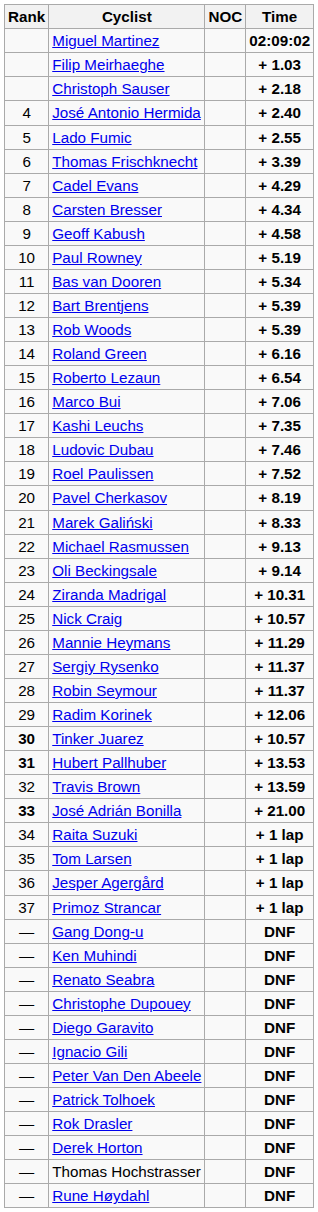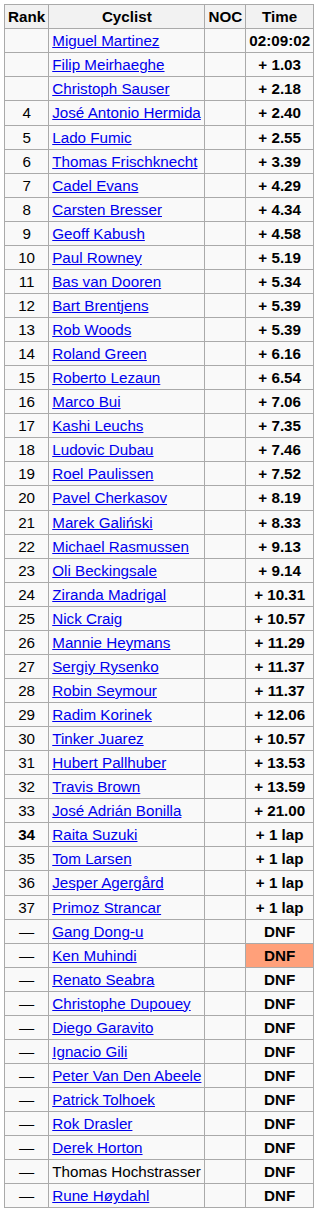 <table class="wikitable sortable" style="font-size:95%;">
 <tr>
 <th>Rank</th>
 <th align="left" "width: 20em">Cyclist</th>
 <th>NOC</th>
 <th>Time</th>
 </tr>
 <tr>
 <td align="center"></td>
 <td><a href='#'>Miguel Martinez</a></td>
 <td></td>
 <td align="center"><strong>02:09:02</strong></td>
 </tr>
 <tr>
 <td align="center"></td>
 <td><a href='#'>Filip Meirhaeghe</a></td>
 <td></td>
 <td align="center"><strong>+ 1.03</strong></td>
 </tr>
 <tr>
 <td align="center"></td>
 <td><a href='#'>Christoph Sauser</a></td>
 <td></td>
 <td align="center"><strong>+ 2.18</strong></td>
 </tr>
 <tr>
 <td align="center">4</td>
 <td><a href='#'>José Antonio Hermida</a></td>
 <td></td>
 <td align="center"><strong>+ 2.40</strong></td>
 </tr>
 <tr>
 <td align="center">5</td>
 <td><a href='#'>Lado Fumic</a></td>
 <td></td>
 <td align="center"><strong>+ 2.55</strong></td>
 </tr>
 <tr>
 <td align="center">6</td>
 <td><a href='#'>Thomas Frischknecht</a></td>
 <td></td>
 <td align="center"><strong>+ 3.39</strong></td>
 </tr>
 <tr>
 <td align="center">7</td>
 <td><a href='#'>Cadel Evans</a></td>
 <td></td>
 <td align="center"><strong>+ 4.29</strong></td>
 </tr>
 <tr>
 <td align="center">8</td>
 <td><a href='#'>Carsten Bresser</a></td>
 <td></td>
 <td align="center"><strong>+ 4.34</strong></td>
 </tr>
 <tr>
 <td align="center">9</td>
 <td><a href='#'>Geoff Kabush</a></td>
 <td></td>
 <td align="center"><strong>+ 4.58</strong></td>
 </tr>
 <tr>
 <td align="center">10</td>
 <td><a href='#'>Paul Rowney</a></td>
 <td></td>
 <td align="center"><strong>+ 5.19</strong></td>
 </tr>
 <tr>
 <td align="center">11</td>
 <td><a href='#'>Bas van Dooren</a></td>
 <td></td>
 <td align="center"><strong>+ 5.34</strong></td>
 </tr>
 <tr>
 <td align="center">12</td>
 <td><a href='#'>Bart Brentjens</a></td>
 <td></td>
 <td align="center"><strong>+ 5.39</strong></td>
 </tr>
 <tr>
 <td align="center">13</td>
 <td><a href='#'>Rob Woods</a></td>
 <td></td>
 <td align="center"><strong>+ 5.39</strong></td>
 </tr>
 <tr>
 <td align="center">14</td>
 <td><a href='#'>Roland Green</a></td>
 <td></td>
 <td align="center"><strong>+ 6.16</strong></td>
 </tr>
 <tr>
 <td align="center">15</td>
 <td><a href='#'>Roberto Lezaun</a></td>
 <td></td>
 <td align="center"><strong>+ 6.54</strong></td>
 </tr>
 <tr>
 <td align="center">16</td>
 <td><a href='#'>Marco Bui</a></td>
 <td></td>
 <td align="center"><strong>+ 7.06</strong></td>
 </tr>
 <tr>
 <td align="center">17</td>
 <td><a href='#'>Kashi Leuchs</a></td>
 <td></td>
 <td align="center"><strong>+ 7.35</strong></td>
 </tr>
 <tr>
 <td align="center">18</td>
 <td><a href='#'>Ludovic Dubau</a></td>
 <td></td>
 <td align="center"><strong>+ 7.46</strong></td>
 </tr>
 <tr>
 <td align="center">19</td>
 <td><a href='#'>Roel Paulissen</a></td>
 <td></td>
 <td align="center"><strong>+ 7.52</strong></td>
 </tr>
 <tr>
 <td align="center">20</td>
 <td><a href='#'>Pavel Cherkasov</a></td>
 <td></td>
 <td align="center"><strong>+ 8.19</strong></td>
 </tr>
 <tr>
 <td align="center">21</td>
 <td><a href='#'>Marek Galiński</a></td>
 <td></td>
 <td align="center"><strong>+ 8.33</strong></td>
 </tr>
 <tr>
 <td align="center">22</td>
 <td><a href='#'>Michael Rasmussen</a></td>
 <td></td>
 <td align="center"><strong>+ 9.13</strong></td>
 </tr>
 <tr>
 <td align="center">23</td>
 <td><a href='#'>Oli Beckingsale</a></td>
 <td></td>
 <td align="center"><strong>+ 9.14</strong></td>
 </tr>
 <tr>
 <td align="center">24</td>
 <td><a href='#'>Ziranda Madrigal</a></td>
 <td></td>
 <td align="center"><strong>+ 10.31</strong></td>
 </tr>
 <tr>
 <td align="center">25</td>
 <td><a href='#'>Nick Craig</a></td>
 <td></td>
 <td align="center"><strong>+ 10.57</strong></td>
 </tr>
 <tr>
 <td align="center">26</td>
 <td><a href='#'>Mannie Heymans</a></td>
 <td></td>
 <td align="center"><strong>+ 11.29</strong></td>
 </tr>
 <tr>
 <td align="center">27</td>
 <td><a href='#'>Sergiy Rysenko</a></td>
 <td></td>
 <td align="center"><strong>+ 11.37</strong></td>
 </tr>
 <tr>
 <td align="center">28</td>
 <td><a href='#'>Robin Seymour</a></td>
 <td></td>
 <td align="center"><strong>+ 11.37</strong></td>
 </tr>
 <tr>
 <td align="center">29</td>
 <td><a href='#'>Radim Korinek</a></td>
 <td></td>
 <td align="center"><strong>+ 12.06</strong></td>
 </tr>
 <tr>
-<td align="center"><strong>30</strong></td>
+<td align="center">30</td>
 <td><a href='#'>Tinker Juarez</a></td>
 <td></td>
 <td align="center"><strong>+ 10.57</strong></td>
 </tr>
 <tr>
-<td align="center"><strong>31</strong></td>
+<td align="center">31</td>
 <td><a href='#'>Hubert Pallhuber</a></td>
 <td></td>
 <td align="center"><strong>+ 13.53</strong></td>
 </tr>
 <tr>
 <td align="center">32</td>
 <td><a href='#'>Travis Brown</a></td>
 <td></td>
 <td align="center"><strong>+ 13.59</strong></td>
 </tr>
 <tr>
-<td align="center"><strong>33</strong></td>
+<td align="center">33</td>
 <td><a href='#'>José Adrián Bonilla</a></td>
 <td></td>
 <td align="center"><strong>+ 21.00</strong></td>
 </tr>
 <tr>
-<td align="center">34</td>
+<td align="center"><strong>34</strong></td>
 <td><a href='#'>Raita Suzuki</a></td>
 <td></td>
 <td align="center"><strong>+ 1 lap</strong></td>
 </tr>
 <tr>
 <td align="center">35</td>
 <td><a href='#'>Tom Larsen</a></td>
 <td></td>
 <td align="center"><strong>+ 1 lap</strong></td>
 </tr>
 <tr>
 <td align="center">36</td>
 <td><a href='#'>Jesper Agergård</a></td>
 <td></td>
 <td align="center"><strong>+ 1 lap</strong></td>
 </tr>
 <tr>
 <td align="center">37</td>
 <td><a href='#'>Primoz Strancar</a></td>
 <td></td>
 <td align="center"><strong>+ 1 lap</strong></td>
 </tr>
 <tr>
 <td align="center">—</td>
 <td><a href='#'>Gang Dong-u</a></td>
 <td></td>
 <td align="center"><strong>DNF</strong></td>
 </tr>
 <tr>
 <td align="center">—</td>
 <td><a href='#'>Ken Muhindi</a></td>
 <td></td>
-<td align="center"><strong>DNF</strong></td>
+<td align="center" style="background: lightsalmon;"><strong>DNF</strong></td>
 </tr>
 <tr>
 <td align="center">—</td>
 <td><a href='#'>Renato Seabra</a></td>
 <td></td>
 <td align="center"><strong>DNF</strong></td>
 </tr>
 <tr>
 <td align="center">—</td>
 <td><a href='#'>Christophe Dupouey</a></td>
 <td></td>
 <td align="center"><strong>DNF</strong></td>
 </tr>
 <tr>
 <td align="center">—</td>
 <td><a href='#'>Diego Garavito</a></td>
 <td></td>
 <td align="center"><strong>DNF</strong></td>
 </tr>
 <tr>
 <td align="center">—</td>
 <td><a href='#'>Ignacio Gili</a></td>
 <td></td>
 <td align="center"><strong>DNF</strong></td>
 </tr>
 <tr>
 <td align="center">—</td>
 <td><a href='#'>Peter Van Den Abeele</a></td>
 <td></td>
 <td align="center"><strong>DNF</strong></td>
 </tr>
 <tr>
 <td align="center">—</td>
 <td><a href='#'>Patrick Tolhoek</a></td>
 <td></td>
 <td align="center"><strong>DNF</strong></td>
 </tr>
 <tr>
 <td align="center">—</td>
 <td><a href='#'>Rok Drasler</a></td>
 <td></td>
 <td align="center"><strong>DNF</strong></td>
 </tr>
 <tr>
 <td align="center">—</td>
 <td><a href='#'>Derek Horton</a></td>
 <td></td>
 <td align="center"><strong>DNF</strong></td>
 </tr>
 <tr>
 <td align="center">—</td>
 <td>Thomas Hochstrasser</td>
 <td></td>
 <td align="center"><strong>DNF</strong></td>
 </tr>
 <tr>
 <td align="center">—</td>
 <td><a href='#'>Rune Høydahl</a></td>
 <td></td>
 <td align="center"><strong>DNF</strong></td>
 </tr>
 </table>
